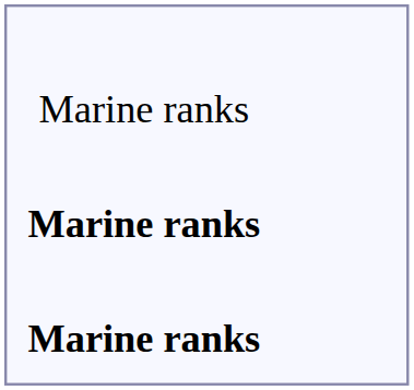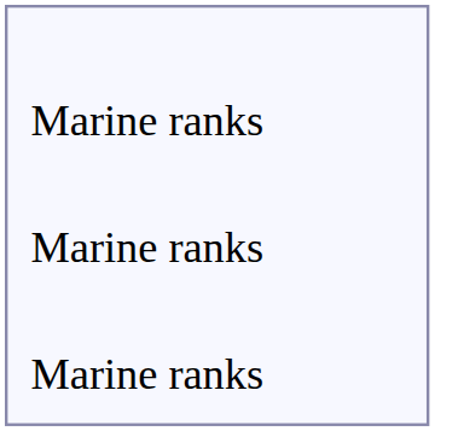 <table style="border:1px solid #8888aa; background-color:#f7f8ff; padding:5px; font-size:95%; margin: 0px 12px 12px 0px;">
 <tr style="text-align:center;">
 <td rowspan=2><strong></strong><br></td>
 <td colspan=2></td>
 <td colspan=2></td>
 <td colspan=2></td>
 <td colspan=2></td>
 <td colspan=2 rowspan=6></td>
 <td colspan=2></td>
 <td colspan=2></td>
 <td colspan=4></td>
 <td colspan=3></td>
 <td colspan=3></td>
 <td colspan=6 rowspan=2></td>
 </tr>
 <tr style="text-align:center;">
 <td colspan=2></td>
 <td colspan=2></td>
 <td colspan=2></td>
 <td colspan=2></td>
 <td colspan=2></td>
 <td colspan=2></td>
 <td colspan=4></td>
 <td colspan=3></td>
 <td colspan=3></td>
 </tr>
 <tr style="text-align:center;">
 <td>Marine ranks</td>
 <td colspan=2></td>
 <td colspan=2></td>
 <td colspan=2></td>
 <td colspan=2></td>
 <td colspan=2></td>
 <td colspan=2></td>
 <td colspan=4></td>
 <td colspan=3></td>
 <td colspan=3></td>
 </tr>
 <tr style="text-align:center;">
 <td rowspan=2><strong></strong><br></td>
 <td colspan=2></td>
 <td colspan=2></td>
 <td colspan=2></td>
 <td colspan=2></td>
 <td colspan=2></td>
 <td colspan=2></td>
 <td colspan=2></td>
 <td colspan=2></td>
 <td colspan=3></td>
 <td colspan=3></td>
 <td colspan=6 rowspan=2></td>
 </tr>
 <tr style="text-align:center;">
 <td colspan=2></td>
 <td colspan=2></td>
 <td colspan=2></td>
 <td colspan=2></td>
 <td colspan=2></td>
 <td colspan=2></td>
 <td colspan=2></td>
 <td colspan=2></td>
 <td colspan=3></td>
 <td colspan=3></td>
 </tr>
 <tr style="text-align:center;">
-<td><strong>Marine ranks</strong></td>
+<td>Marine ranks</td>
 <td colspan=2></td>
 <td colspan=2></td>
 <td colspan=2></td>
 <td colspan=2></td>
 <td colspan=2></td>
 <td colspan=2></td>
 <td colspan=2></td>
 <td colspan=2></td>
 <td colspan=3></td>
 <td colspan=3></td>
 </tr>
 <tr style="text-align:center;">
 <td rowspan=2><strong></strong><br></td>
 <td colspan=2></td>
 <td colspan=2></td>
 <td colspan=2></td>
 <td colspan=2></td>
 <td colspan=2></td>
 <td colspan=2></td>
 <td colspan=2></td>
 <td colspan=2></td>
 <td colspan=2></td>
 <td colspan=3></td>
 <td colspan=3></td>
 <td colspan=6 rowspan=2></td>
 </tr>
 <tr style="text-align:center;">
 <td colspan=2></td>
 <td colspan=2></td>
 <td colspan=2></td>
 <td colspan=2></td>
 <td colspan=2></td>
 <td colspan=2></td>
 <td colspan=2></td>
 <td colspan=2></td>
 <td colspan=2></td>
 <td colspan=3></td>
 <td colspan=3></td>
 </tr>
 <tr style="text-align:center;">
-<td><strong>Marine ranks</strong></td>
+<td>Marine ranks</td>
 <td colspan=2></td>
 <td colspan=2></td>
 <td colspan=2></td>
 <td colspan=2></td>
 <td colspan=2></td>
 <td colspan=2></td>
 <td colspan=2></td>
 <td colspan=2></td>
 <td colspan=2></td>
 <td colspan=3></td>
 <td colspan=3><br></td>
 </tr>
 </table>
